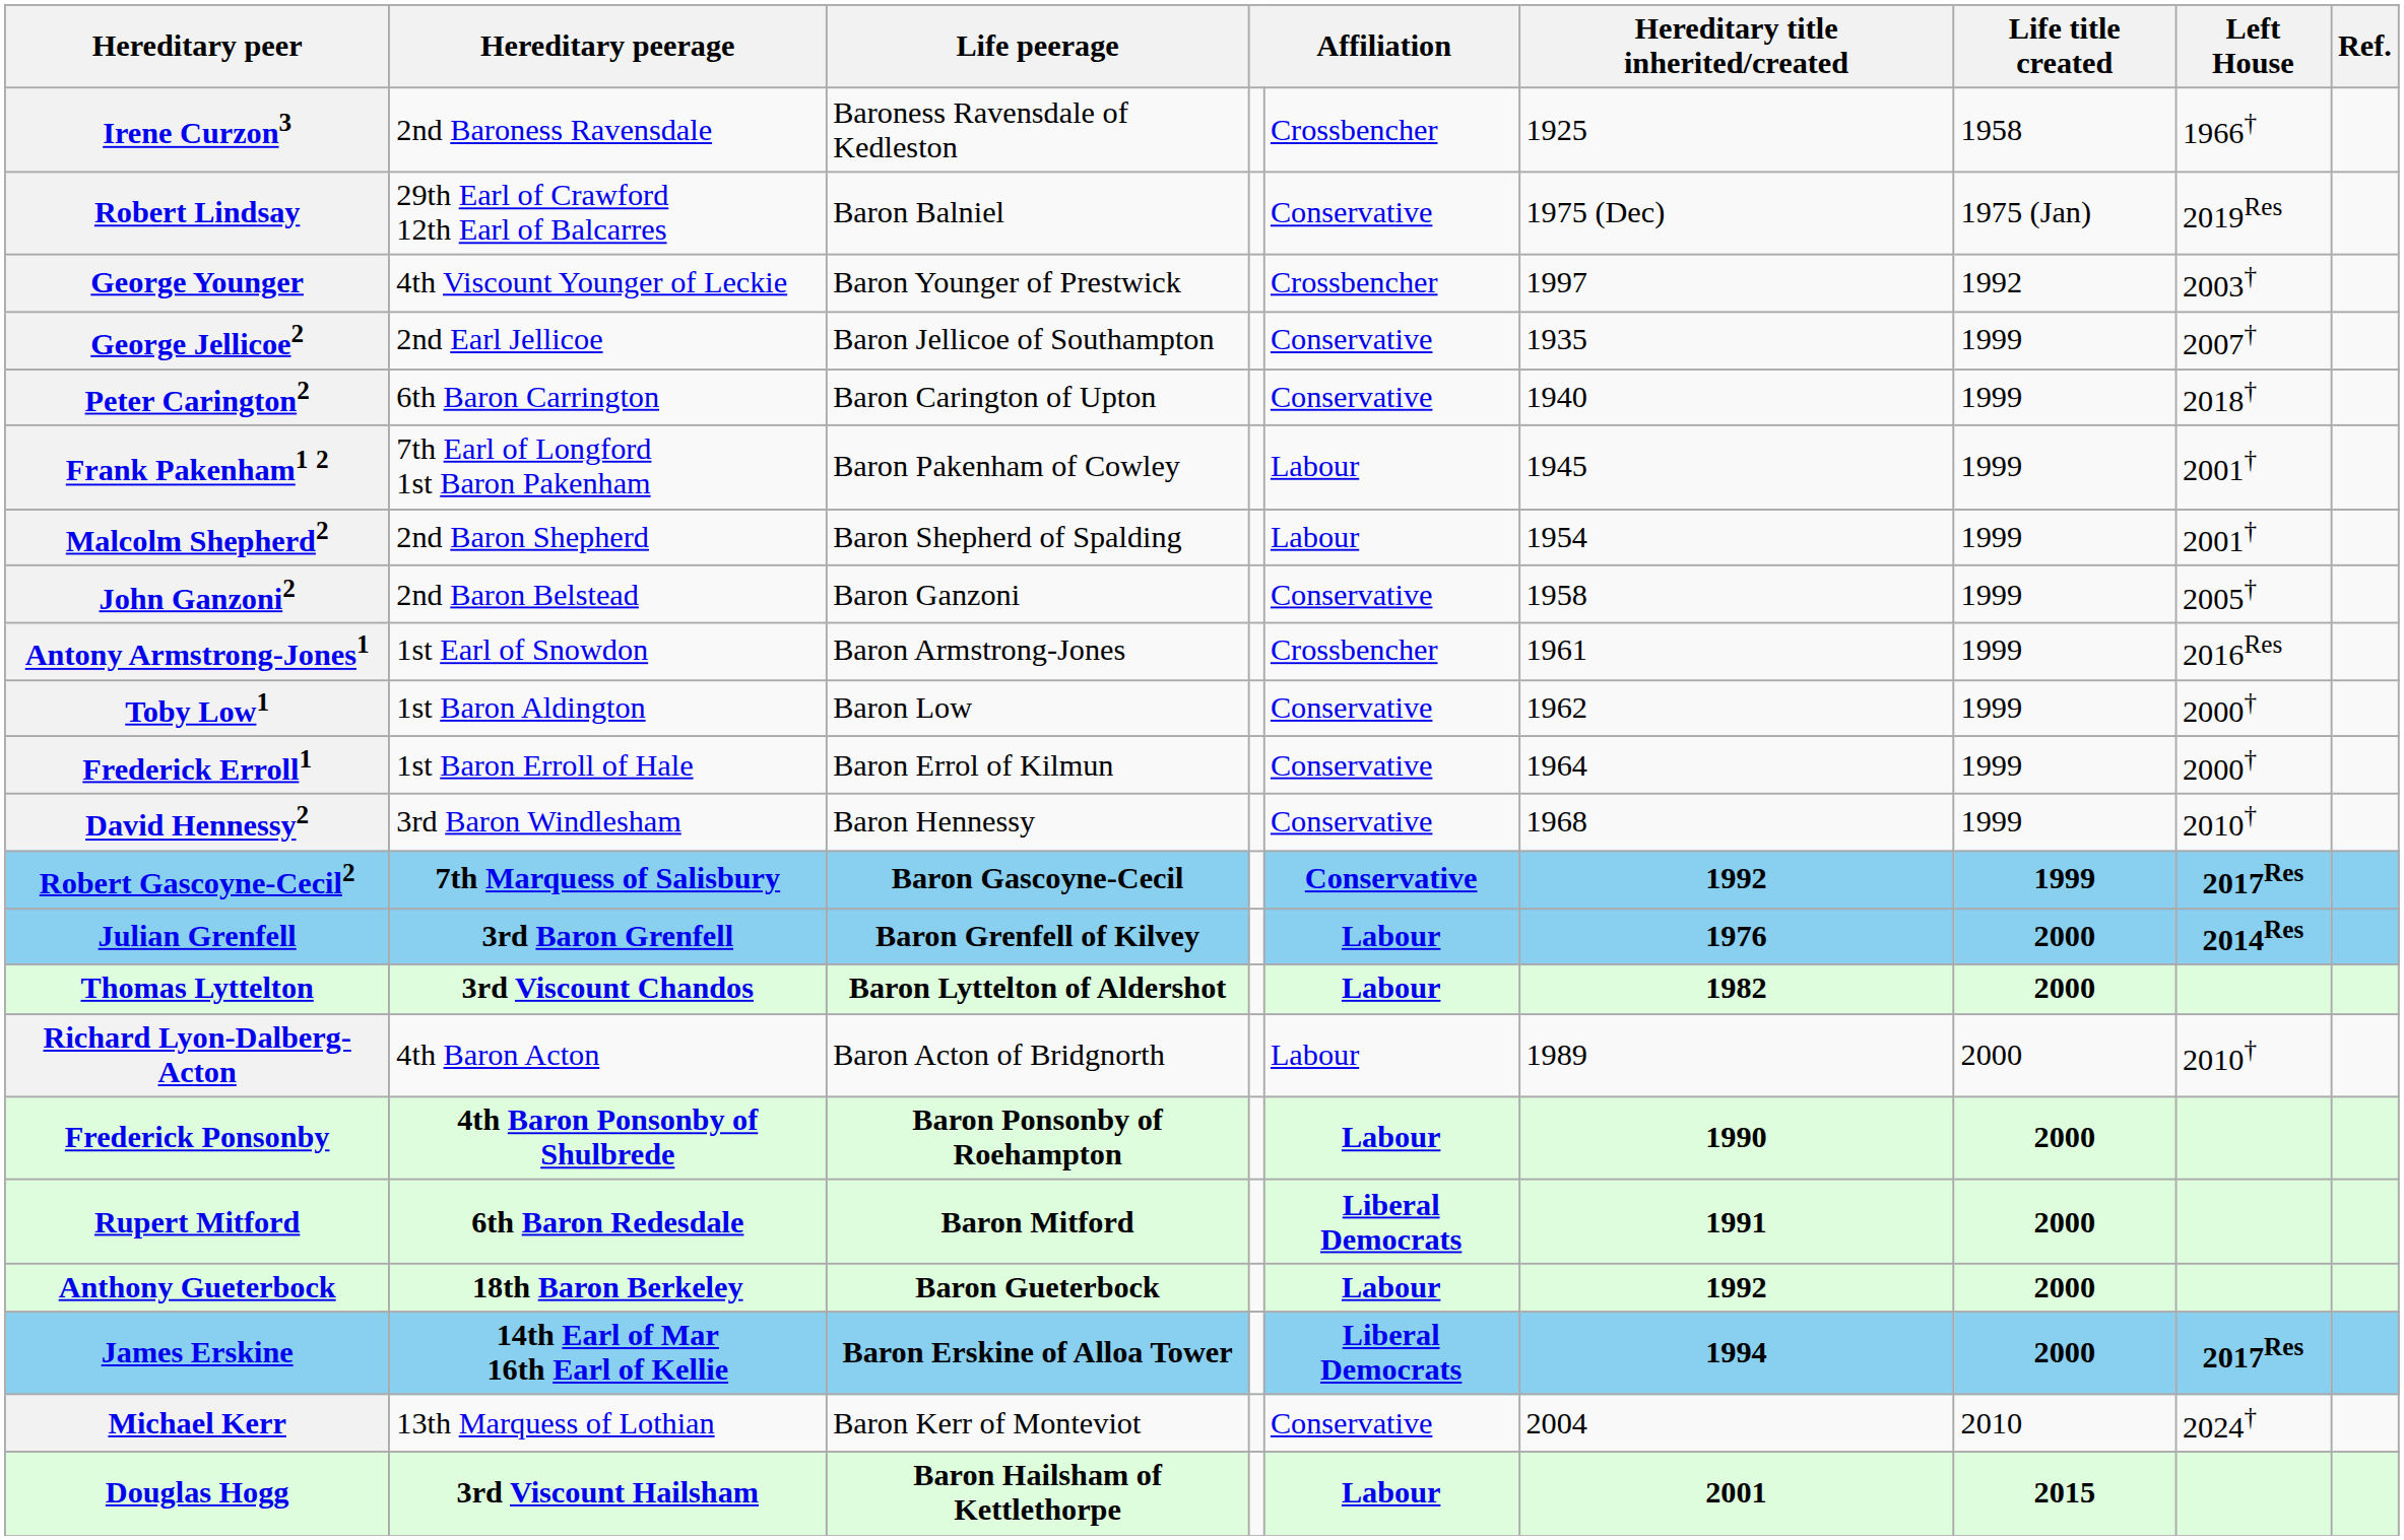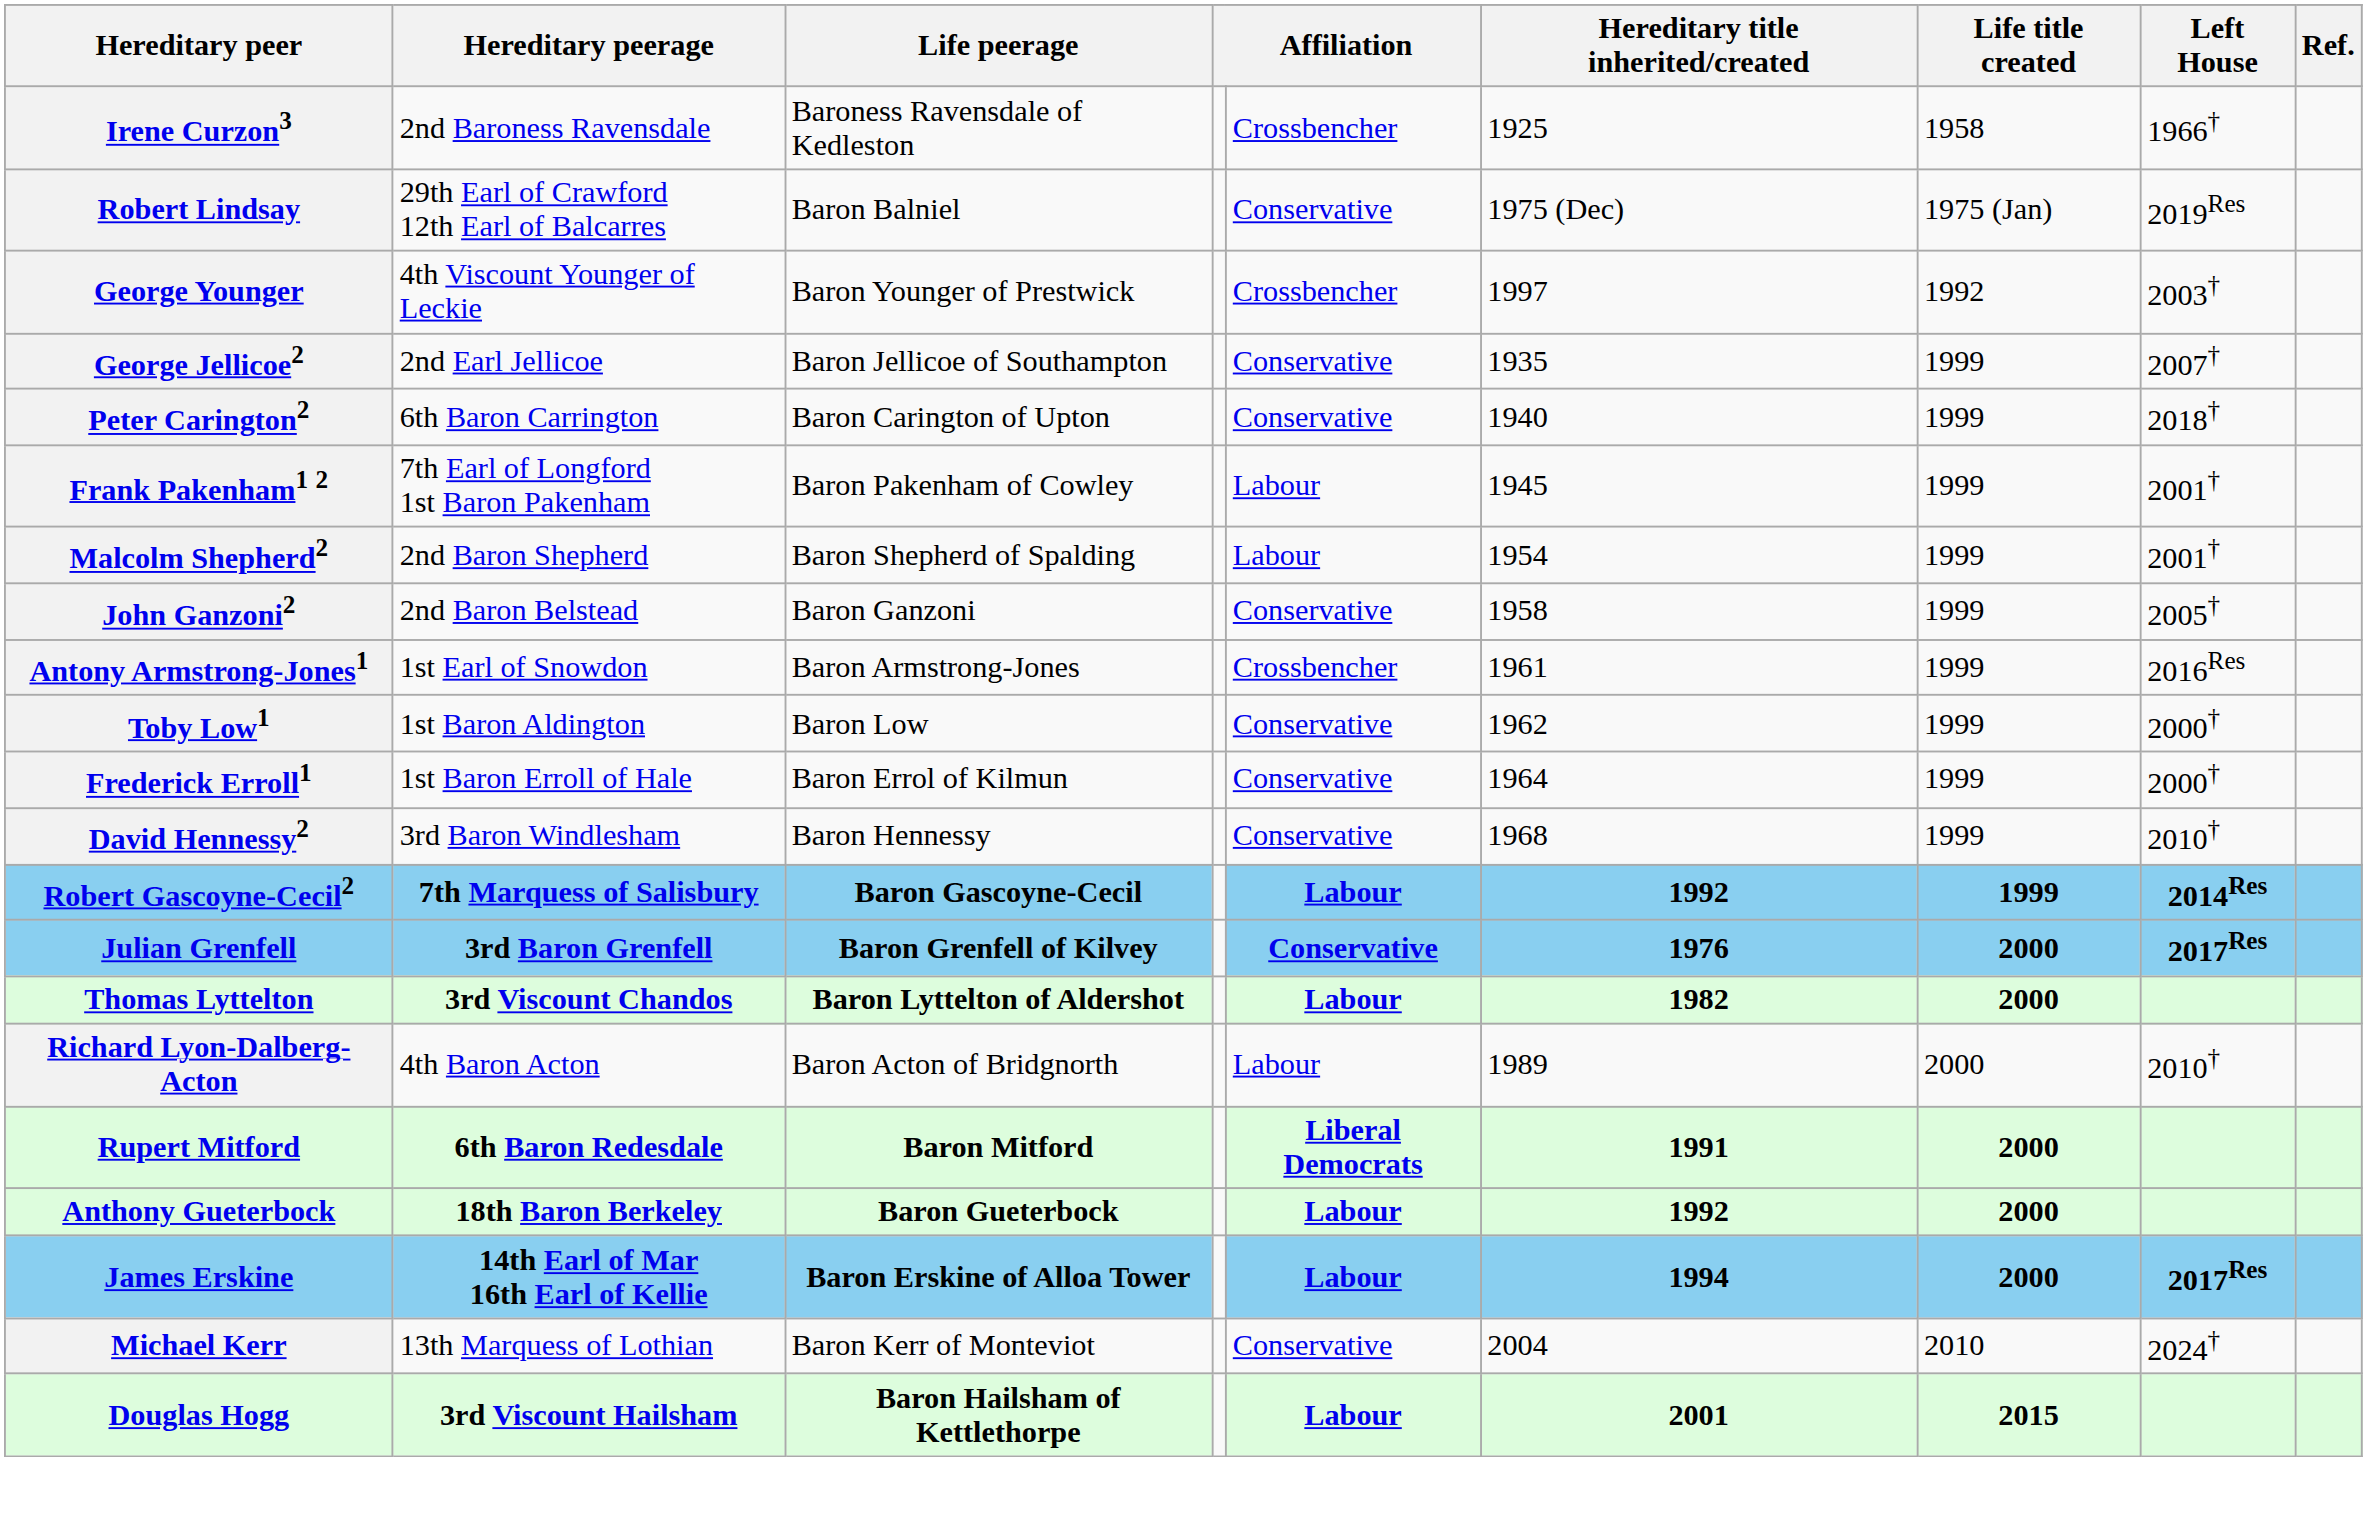 <table class="wikitable plainrowheaders sortable">
 <tr>
 <th scope="col">Hereditary peer</th>
 <th scope="col">Hereditary peerage</th>
 <th scope="col">Life peerage</th>
 <th colspan="2" scope="col">Affiliation</th>
 <th scope="col">Hereditary title inherited/created</th>
 <th scope="col">Life title created</th>
 <th scope="col">Left House</th>
 <th class="unsortable" scope="col"><abbr>Ref.</abbr></th>
 </tr>
 <tr>
 <th scope="row"><a href='#'>Irene Curzon</a><sup>3</sup></th>
 <td>2nd <a href='#'>Baroness Ravensdale</a></td>
 <td>Baroness Ravensdale of Kedleston</td>
 <td style="background-color: "></td>
 <td><a href='#'>Crossbencher</a></td>
 <td>1925</td>
 <td>1958</td>
 <td>1966<sup>†</sup></td>
 <td></td>
 </tr>
 <tr>
 <th scope="row"><a href='#'>Robert Lindsay</a></th>
 <td>29th <a href='#'>Earl of Crawford</a><br>12th <a href='#'>Earl of Balcarres</a></td>
 <td>Baron Balniel</td>
 <td style="background-color: "></td>
 <td><a href='#'>Conservative</a></td>
 <td>1975 (Dec)</td>
 <td>1975 (Jan)</td>
 <td>2019<sup>Res</sup></td>
 <td></td>
 </tr>
 <tr>
 <th scope="row"><a href='#'>George Younger</a></th>
 <td>4th <a href='#'>Viscount Younger of Leckie</a></td>
 <td>Baron Younger of Prestwick</td>
 <td style="background-color: "></td>
 <td><a href='#'>Crossbencher</a></td>
 <td>1997</td>
 <td>1992</td>
 <td>2003<sup>†</sup></td>
 <td></td>
 </tr>
 <tr>
 <th scope="row"><a href='#'>George Jellicoe</a><sup>2</sup></th>
 <td>2nd <a href='#'>Earl Jellicoe</a></td>
 <td>Baron Jellicoe of Southampton</td>
 <td style="background-color: "></td>
 <td><a href='#'>Conservative</a></td>
 <td>1935</td>
 <td>1999</td>
 <td>2007<sup>†</sup></td>
 <td></td>
 </tr>
 <tr>
 <th scope="row"><a href='#'>Peter Carington</a><sup>2</sup></th>
 <td>6th <a href='#'>Baron Carrington</a></td>
 <td>Baron Carington of Upton</td>
 <td style="background-color: "></td>
 <td><a href='#'>Conservative</a></td>
 <td>1940</td>
 <td>1999</td>
 <td>2018<sup>†</sup></td>
 <td></td>
 </tr>
 <tr>
 <th scope="row"><a href='#'>Frank Pakenham</a><sup>1</sup> <sup>2</sup></th>
 <td>7th <a href='#'>Earl of Longford</a><br>1st <a href='#'>Baron Pakenham</a></td>
 <td>Baron Pakenham of Cowley</td>
 <td style="background-color: "></td>
 <td><a href='#'>Labour</a></td>
 <td>1945</td>
 <td>1999</td>
 <td>2001<sup>†</sup></td>
 <td></td>
 </tr>
 <tr>
 <th scope="row"><a href='#'>Malcolm Shepherd</a><sup>2</sup></th>
 <td>2nd <a href='#'>Baron Shepherd</a></td>
 <td>Baron Shepherd of Spalding</td>
 <td style="background-color: "></td>
 <td><a href='#'>Labour</a></td>
 <td>1954</td>
 <td>1999</td>
 <td>2001<sup>†</sup></td>
 <td></td>
 </tr>
 <tr>
 <th scope="row"><a href='#'>John Ganzoni</a><sup>2</sup></th>
 <td>2nd <a href='#'>Baron Belstead</a></td>
 <td>Baron Ganzoni</td>
 <td style="background-color: "></td>
 <td><a href='#'>Conservative</a></td>
 <td>1958</td>
 <td>1999</td>
 <td>2005<sup>†</sup></td>
 <td></td>
 </tr>
 <tr>
 <th scope="row"><a href='#'>Antony Armstrong-Jones</a><sup>1</sup></th>
 <td>1st <a href='#'>Earl of Snowdon</a></td>
 <td>Baron Armstrong-Jones</td>
 <td style="background-color: "></td>
 <td><a href='#'>Crossbencher</a></td>
 <td>1961</td>
 <td>1999</td>
 <td>2016<sup>Res</sup></td>
 <td></td>
 </tr>
 <tr>
 <th scope="row"><a href='#'>Toby Low</a><sup>1</sup></th>
 <td>1st <a href='#'>Baron Aldington</a></td>
 <td>Baron Low</td>
 <td style="background-color: "></td>
 <td><a href='#'>Conservative</a></td>
 <td>1962</td>
 <td>1999</td>
 <td>2000<sup>†</sup></td>
 <td></td>
 </tr>
 <tr>
 <th scope="row"><a href='#'>Frederick Erroll</a><sup>1</sup></th>
 <td>1st <a href='#'>Baron Erroll of Hale</a></td>
 <td>Baron Errol of Kilmun</td>
 <td style="background-color: "></td>
 <td><a href='#'>Conservative</a></td>
 <td>1964</td>
 <td>1999</td>
 <td>2000<sup>†</sup></td>
 <td></td>
 </tr>
 <tr>
 <th scope="row"><a href='#'>David Hennessy</a><sup>2</sup></th>
 <td>3rd <a href='#'>Baron Windlesham</a></td>
 <td>Baron Hennessy</td>
 <td style="background-color: "></td>
 <td><a href='#'>Conservative</a></td>
 <td>1968</td>
 <td>1999</td>
 <td>2010<sup>†</sup></td>
 <td></td>
 </tr>
 <tr>
 <th scope="row" style="background:#89CFF0"><a href='#'>Robert Gascoyne-Cecil</a><sup>2</sup></th>
 <th scope="row" style="background:#89CFF0">7th <a href='#'>Marquess of Salisbury</a></th>
 <th scope="row" style="background:#89CFF0">Baron Gascoyne-Cecil</th>
 <td style="background-color: "></td>
-<th scope="row" style="background:#89CFF0"><a href='#'>Conservative</a></th>
+<th scope="row" style="background:#89CFF0"><a href='#'>Labour</a></th>
 <th scope="row" style="background:#89CFF0">1992</th>
 <th scope="row" style="background:#89CFF0">1999</th>
-<th scope="row" style="background:#89CFF0">2017<sup>Res</sup></th>
+<th scope="row" style="background:#89CFF0">2014<sup>Res</sup></th>
 <th scope="row" style="background:#89CFF0"></th>
 </tr>
 <tr>
 <th scope="row" style="background:#89CFF0"><a href='#'>Julian Grenfell</a></th>
 <th scope="row" style="background:#89CFF0">3rd <a href='#'>Baron Grenfell</a></th>
 <th scope="row" style="background:#89CFF0">Baron Grenfell of Kilvey</th>
 <td style="background-color: "></td>
-<th scope="row" style="background:#89CFF0"><a href='#'>Labour</a></th>
+<th scope="row" style="background:#89CFF0"><a href='#'>Conservative</a></th>
 <th scope="row" style="background:#89CFF0">1976</th>
 <th scope="row" style="background:#89CFF0">2000</th>
-<th scope="row" style="background:#89CFF0">2014<sup>Res</sup></th>
+<th scope="row" style="background:#89CFF0">2017<sup>Res</sup></th>
 <th scope="row" style="background:#89CFF0"></th>
 </tr>
 <tr>
 <th scope="row" style="background:#DDFDDD"><a href='#'>Thomas Lyttelton</a></th>
 <th scope="row" style="background:#DDFDDD">3rd <a href='#'>Viscount Chandos</a></th>
 <th scope="row" style="background:#DDFDDD">Baron Lyttelton of Aldershot</th>
 <td style="background-color: "></td>
 <th scope="row" style="background:#DDFDDD"><a href='#'>Labour</a></th>
 <th scope="row" style="background:#DDFDDD">1982</th>
 <th scope="row" style="background:#DDFDDD">2000</th>
 <th scope="row" style="background:#DDFDDD"></th>
 <th scope="row" style="background:#DDFDDD"></th>
 </tr>
 <tr>
 <th scope="row"><a href='#'>Richard Lyon-Dalberg-Acton</a></th>
 <td>4th <a href='#'>Baron Acton</a></td>
 <td>Baron Acton of Bridgnorth</td>
 <td style="background-color: "></td>
 <td><a href='#'>Labour</a></td>
 <td>1989</td>
 <td>2000</td>
 <td>2010<sup>†</sup></td>
 <td></td>
-</tr>
-<tr>
-<th scope="row" style="background:#DDFDDD"><a href='#'>Frederick Ponsonby</a></th>
-<th scope="row" style="background:#DDFDDD">4th <a href='#'>Baron Ponsonby of Shulbrede</a></th>
-<th scope="row" style="background:#DDFDDD">Baron Ponsonby of Roehampton</th>
-<td style="background-color: "></td>
-<th scope="row" style="background:#DDFDDD"><a href='#'>Labour</a></th>
-<th scope="row" style="background:#DDFDDD">1990</th>
-<th scope="row" style="background:#DDFDDD">2000</th>
-<th scope="row" style="background:#DDFDDD"></th>
-<th scope="row" style="background:#DDFDDD"></th>
 </tr>
 <tr>
 <th scope="row" style="background:#DDFDDD"><a href='#'>Rupert Mitford</a></th>
 <th scope="row" style="background:#DDFDDD">6th <a href='#'>Baron Redesdale</a></th>
 <th scope="row" style="background:#DDFDDD">Baron Mitford</th>
 <td style="background-color: "></td>
 <th scope="row" style="background:#DDFDDD"><a href='#'>Liberal Democrats</a></th>
 <th scope="row" style="background:#DDFDDD">1991</th>
 <th scope="row" style="background:#DDFDDD">2000</th>
 <th scope="row" style="background:#DDFDDD"></th>
 <th scope="row" style="background:#DDFDDD"></th>
 </tr>
 <tr>
 <th scope="row" style="background:#DDFDDD"><a href='#'>Anthony Gueterbock</a></th>
 <th scope="row" style="background:#DDFDDD">18th <a href='#'>Baron Berkeley</a></th>
 <th scope="row" style="background:#DDFDDD">Baron Gueterbock</th>
 <td style="background-color: "></td>
 <th scope="row" style="background:#DDFDDD"><a href='#'>Labour</a></th>
 <th scope="row" style="background:#DDFDDD">1992</th>
 <th scope="row" style="background:#DDFDDD">2000</th>
 <th scope="row" style="background:#DDFDDD"></th>
 <th scope="row" style="background:#DDFDDD"></th>
 </tr>
 <tr>
 <th scope="row" style="background:#89CFF0"><a href='#'>James Erskine</a></th>
 <th scope="row" style="background:#89CFF0">14th <a href='#'>Earl of Mar</a><br>16th <a href='#'>Earl of Kellie</a></th>
 <th scope="row" style="background:#89CFF0">Baron Erskine of Alloa Tower</th>
 <td style="background-color: "></td>
-<th scope="row" style="background:#89CFF0"><a href='#'>Liberal Democrats</a></th>
+<th scope="row" style="background:#89CFF0"><a href='#'>Labour</a></th>
 <th scope="row" style="background:#89CFF0">1994</th>
 <th scope="row" style="background:#89CFF0">2000</th>
 <th scope="row" style="background:#89CFF0">2017<sup>Res</sup></th>
 <th scope="row" style="background:#89CFF0"></th>
 </tr>
 <tr>
 <th scope="row"><a href='#'>Michael Kerr</a></th>
 <td>13th <a href='#'>Marquess of Lothian</a></td>
 <td>Baron Kerr of Monteviot</td>
 <td style="background-color: "></td>
 <td><a href='#'>Conservative</a></td>
 <td>2004</td>
 <td>2010</td>
 <td>2024<sup>†</sup></td>
 <td></td>
 </tr>
 <tr>
 <th scope="row" style="background:#DDFDDD"><a href='#'>Douglas Hogg</a></th>
 <th scope="row" style="background:#DDFDDD">3rd <a href='#'>Viscount Hailsham</a></th>
 <th scope="row" style="background:#DDFDDD">Baron Hailsham of Kettlethorpe</th>
 <td style="background-color: "></td>
 <th scope="row" style="background:#DDFDDD"><a href='#'>Labour</a></th>
 <th scope="row" style="background:#DDFDDD">2001</th>
 <th scope="row" style="background:#DDFDDD">2015</th>
 <th scope="row" style="background:#DDFDDD"></th>
 <th scope="row" style="background:#DDFDDD"></th>
 </tr>
 </table>
